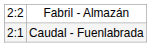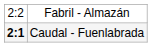 <table class="wikitable">
 <tr align=center bgcolor=white>
 <td>2:2</td>
 <td>Fabril - Almazán</td>
 </tr>
 <tr align=center bgcolor=#F5F5F5>
-<td>2:1</td>
+<td><strong>2:1</strong></td>
 <td>Caudal - Fuenlabrada</td>
 </tr>
 </table>
